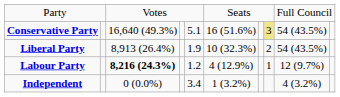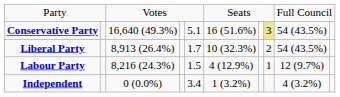 <table class=wikitable style="text-align:center;">
 <tr>
 <td colspan=2>Party</td>
 <td colspan=3>Votes</td>
 <td colspan=3>Seats</td>
 <td colspan=3>Full Council</td>
 </tr>
 <tr>
 <td><strong><a href='#'>Conservative Party</a></strong></td>
 <td style="background:"></td>
 <td>16,640 (49.3%)</td>
 <td></td>
 <td> 5.1</td>
 <td>16 (51.6%)</td>
 <td></td>
 <td style="background: khaki;"> 3</td>
 <td>54 (43.5%)</td>
 <td></td>
 </tr>
 <tr>
 <td><strong><a href='#'>Liberal Party</a></strong></td>
 <td style="background:"></td>
 <td>8,913 (26.4%)</td>
 <td></td>
-<td> 1.9</td>
+<td> 1.7</td>
 <td>10 (32.3%)</td>
 <td></td>
 <td> 2</td>
 <td>54 (43.5%)</td>
 <td></td>
 </tr>
 <tr>
 <td><strong><a href='#'>Labour Party</a></strong></td>
 <td style="background:"></td>
-<td><strong>8,216 (24.3%)</strong></td>
+<td>8,216 (24.3%)</td>
 <td></td>
-<td> 1.2</td>
+<td> 1.5</td>
 <td>4 (12.9%)</td>
 <td></td>
 <td> 1</td>
 <td>12 (9.7%)</td>
 <td></td>
 </tr>
 <tr>
 <td><strong><a href='#'>Independent</a></strong></td>
 <td style="background:"></td>
 <td>0 (0.0%)</td>
 <td></td>
 <td> 3.4</td>
 <td>1 (3.2%)</td>
 <td></td>
 <td></td>
 <td>4 (3.2%)</td>
 <td></td>
 </tr>
 </table>
